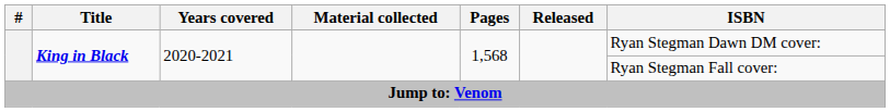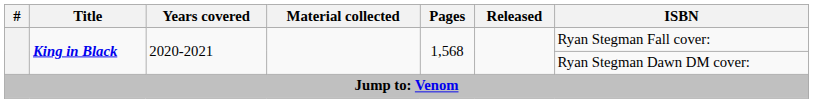 <table class="wikitable sortable" width="99%">
 <tr>
 <th class="unsortable" width="20px">#</th>
 <th>Title</th>
 <th>Years covered</th>
 <th class="unsortable">Material collected</th>
 <th>Pages</th>
 <th>Released</th>
 <th class="unsortable">ISBN</th>
 </tr>
 <tr>
 <th rowspan=2 style="background-color: light grey;"></th>
 <td rowspan=2><strong><em><a href='#'>King in Black</a></em></strong></td>
 <td rowspan=2>2020-2021</td>
 <td rowspan=2></td>
 <td rowspan=2 style="text-align: center;">1,568</td>
 <td rowspan=2></td>
-<td>Ryan Stegman Dawn DM cover: </td>
+<td>Ryan Stegman Fall cover: </td>
 </tr>
 <tr>
-<td>Ryan Stegman Fall cover: </td>
+<td>Ryan Stegman Dawn DM cover: </td>
 </tr>
 <tr>
 <th colspan=7 style="background-color: silver;">Jump to: <a href='#'>Venom</a></th>
 </tr>
 </table>
